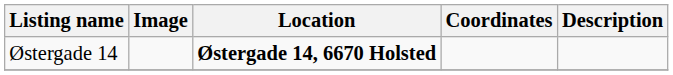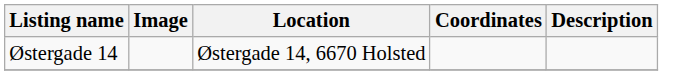 <table class="wikitable sortable">
 <tr>
 <th>Listing name</th>
 <th>Image</th>
 <th>Location</th>
 <th>Coordinates</th>
 <th>Description</th>
 </tr>
 <tr>
 <td>Østergade 14</td>
 <td></td>
-<td><strong>Østergade 14, 6670 Holsted</strong></td>
+<td>Østergade 14, 6670 Holsted</td>
 <td></td>
 <td></td>
 </tr>
 <tr>
 </tr>
 </table>
